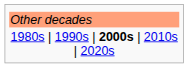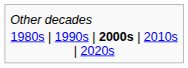 <table class="infobox" width=230>
 <tr>
 <td></td>
 </tr>
 <tr>
-<td style="background: lightsalmon;"><em>Other decades</em></td>
+<td><em>Other decades</em></td>
 </tr>
 <tr>
 <td align="center"><a href='#'>1980s</a> | <a href='#'>1990s</a> | <strong>2000s</strong> | <a href='#'>2010s</a> | <a href='#'>2020s</a></td>
 </tr>
 </table>
